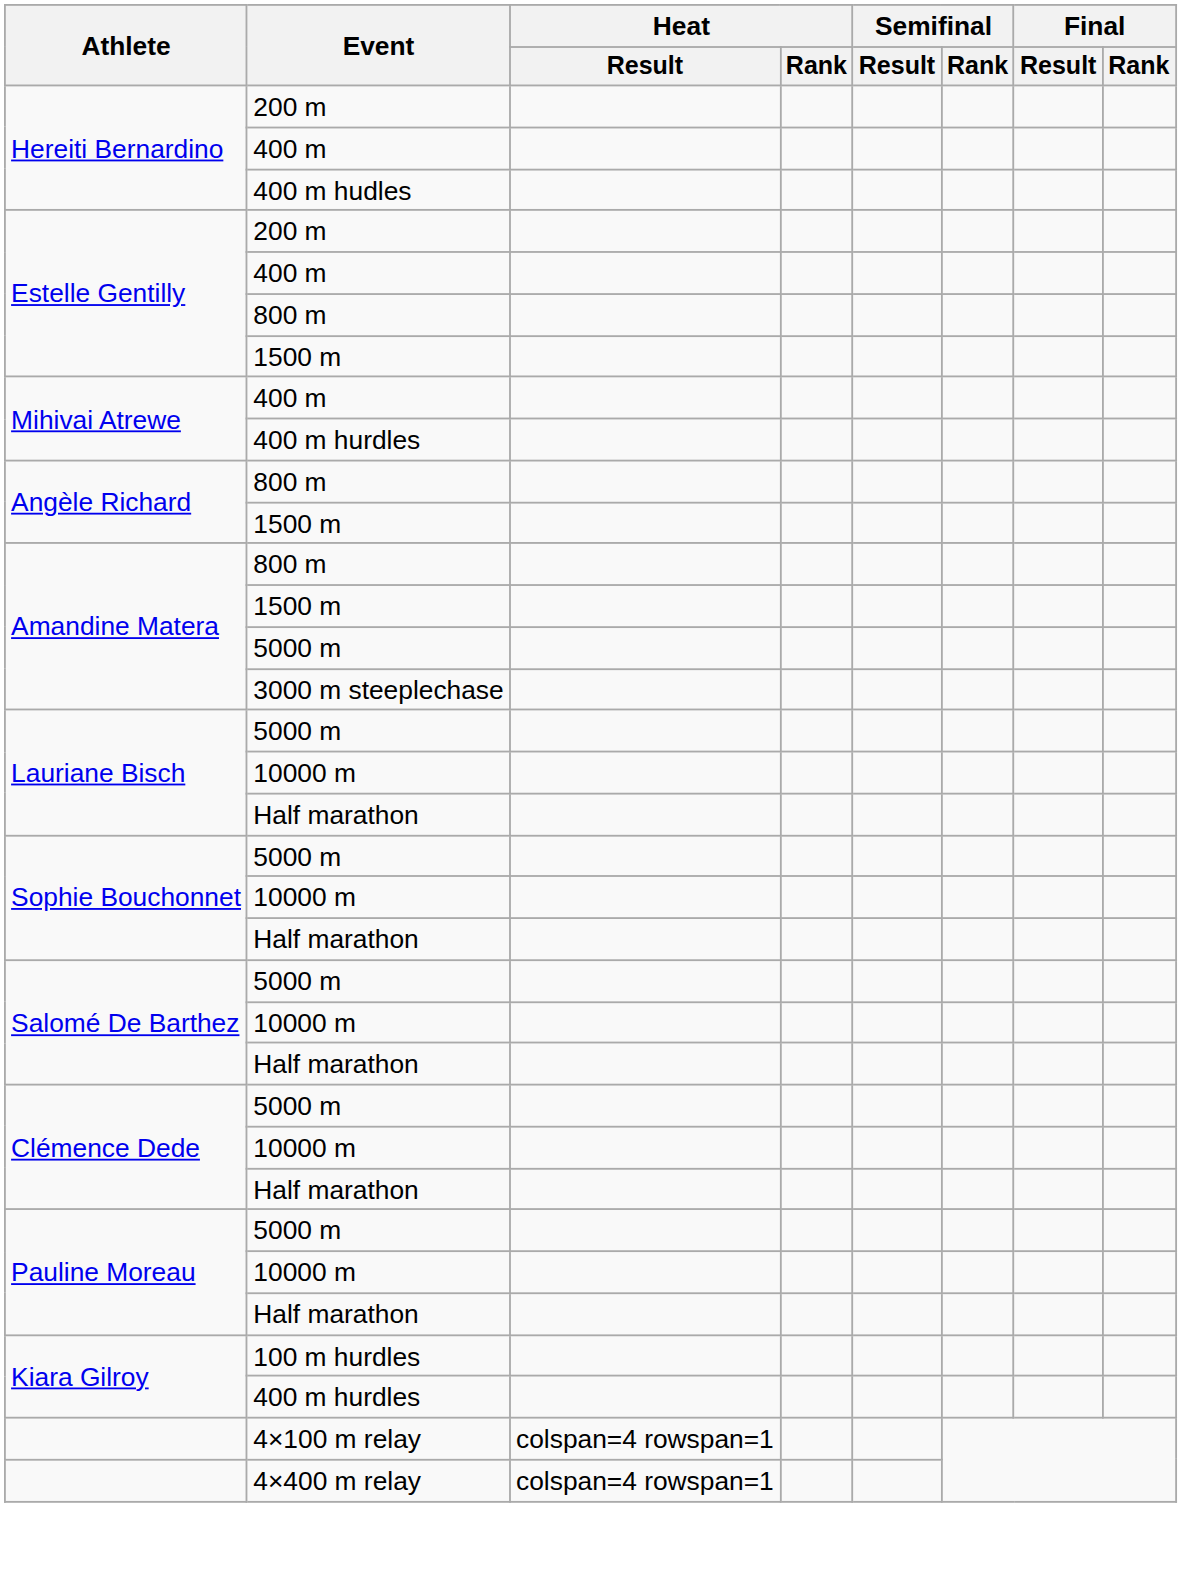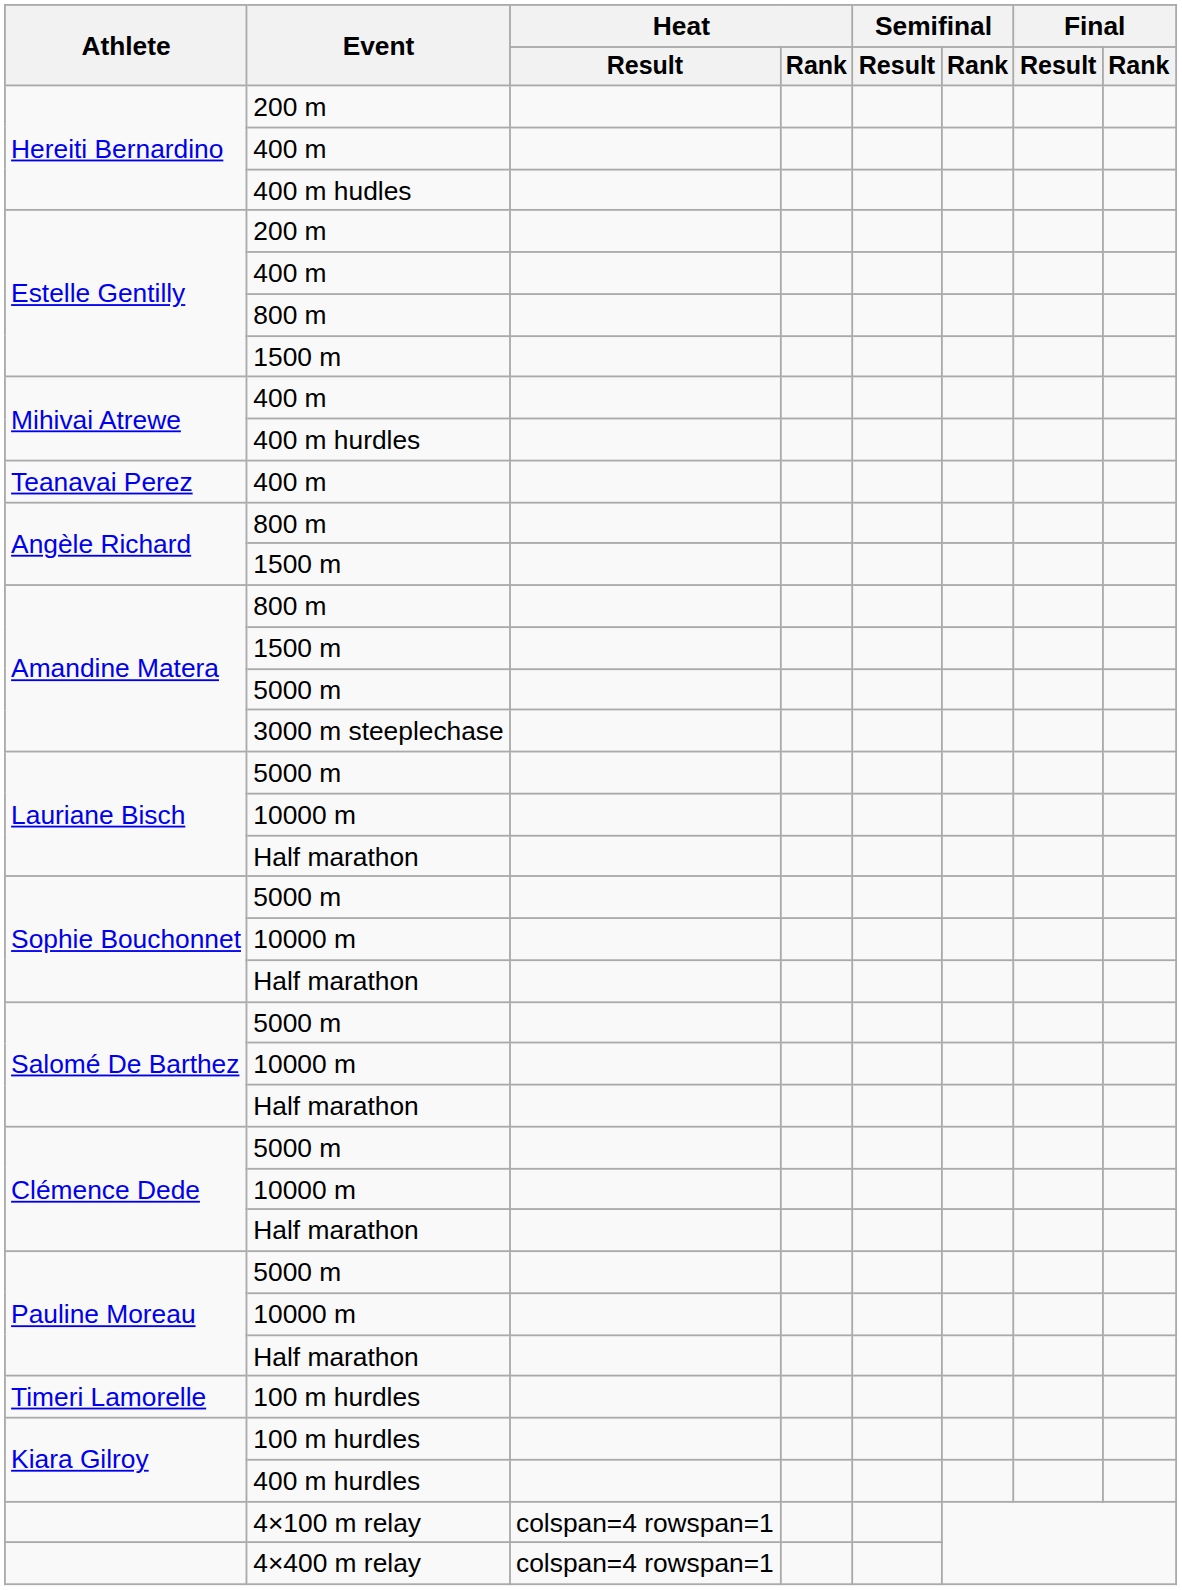 <table class="wikitable" style="font-size:90%">
 <tr>
 <th rowspan="2">Athlete</th>
 <th rowspan="2">Event</th>
 <th colspan="2">Heat</th>
 <th colspan="2">Semifinal</th>
 <th colspan="2">Final</th>
 </tr>
 <tr style="font-size:95%">
 <th>Result</th>
 <th>Rank</th>
 <th>Result</th>
 <th>Rank</th>
 <th>Result</th>
 <th>Rank</th>
 </tr>
 <tr style=text-align:center>
 <td style=text-align:left rowspan=3><a href='#'>Hereiti Bernardino</a></td>
 <td style=text-align:left>200 m</td>
 <td></td>
 <td></td>
 <td></td>
 <td></td>
 <td></td>
 <td></td>
 </tr>
 <tr style=text-align:center>
 <td style=text-align:left>400 m</td>
 <td></td>
 <td></td>
 <td></td>
 <td></td>
 <td></td>
 <td></td>
 </tr>
 <tr style=text-align:center>
 <td style=text-align:left>400 m hudles</td>
 <td></td>
 <td></td>
 <td></td>
 <td></td>
 <td></td>
 <td></td>
 </tr>
 <tr style=text-align:center>
 <td style=text-align:left rowspan=4><a href='#'>Estelle Gentilly</a></td>
 <td style=text-align:left>200 m</td>
 <td></td>
 <td></td>
 <td></td>
 <td></td>
 <td></td>
 <td></td>
 </tr>
 <tr style=text-align:center>
 <td style=text-align:left>400 m</td>
 <td></td>
 <td></td>
 <td></td>
 <td></td>
 <td></td>
 <td></td>
 </tr>
 <tr style=text-align:center>
 <td style=text-align:left>800 m</td>
 <td></td>
 <td></td>
 <td></td>
 <td></td>
 <td></td>
 <td></td>
 </tr>
 <tr style=text-align:center>
 <td style=text-align:left>1500 m</td>
 <td></td>
 <td></td>
 <td></td>
 <td></td>
 <td></td>
 <td></td>
 </tr>
 <tr style=text-align:center>
 <td style=text-align:left rowspan=2><a href='#'>Mihivai Atrewe</a></td>
 <td style=text-align:left>400 m</td>
 <td></td>
 <td></td>
 <td></td>
 <td></td>
 <td></td>
 <td></td>
 </tr>
 <tr style=text-align:center>
 <td style=text-align:left>400 m hurdles</td>
+<td></td>
+<td></td>
+<td></td>
+<td></td>
+<td></td>
+<td></td>
+</tr>
+<tr style=text-align:center>
+<td style=text-align:left><a href='#'>Teanavai Perez</a></td>
+<td style=text-align:left>400 m</td>
 <td></td>
 <td></td>
 <td></td>
 <td></td>
 <td></td>
 <td></td>
 </tr>
 <tr style=text-align:center>
 <td style=text-align:left rowspan=2><a href='#'>Angèle Richard</a></td>
 <td style=text-align:left>800 m</td>
 <td></td>
 <td></td>
 <td></td>
 <td></td>
 <td></td>
 <td></td>
 </tr>
 <tr style=text-align:center>
 <td style=text-align:left>1500 m</td>
 <td></td>
 <td></td>
 <td></td>
 <td></td>
 <td></td>
 <td></td>
 </tr>
 <tr style=text-align:center>
 <td style=text-align:left rowspan=4><a href='#'>Amandine Matera</a></td>
 <td style=text-align:left>800 m</td>
 <td></td>
 <td></td>
 <td></td>
 <td></td>
 <td></td>
 <td></td>
 </tr>
 <tr style=text-align:center>
 <td style=text-align:left>1500 m</td>
 <td></td>
 <td></td>
 <td></td>
 <td></td>
 <td></td>
 <td></td>
 </tr>
 <tr style=text-align:center>
 <td style=text-align:left>5000 m</td>
 <td></td>
 <td></td>
 <td></td>
 <td></td>
 <td></td>
 <td></td>
 </tr>
 <tr style=text-align:center>
 <td style=text-align:left>3000 m steeplechase</td>
 <td></td>
 <td></td>
 <td></td>
 <td></td>
 <td></td>
 <td></td>
 </tr>
 <tr style=text-align:center>
 <td style=text-align:left rowspan=3><a href='#'>Lauriane Bisch</a></td>
 <td style=text-align:left>5000 m</td>
 <td></td>
 <td></td>
 <td></td>
 <td></td>
 <td></td>
 <td></td>
 </tr>
 <tr style=text-align:center>
 <td style=text-align:left>10000 m</td>
 <td></td>
 <td></td>
 <td></td>
 <td></td>
 <td></td>
 <td></td>
 </tr>
 <tr style=text-align:center>
 <td style=text-align:left>Half marathon</td>
 <td></td>
 <td></td>
 <td></td>
 <td></td>
 <td></td>
 <td></td>
 </tr>
 <tr style=text-align:center>
 <td style=text-align:left rowspan=3><a href='#'>Sophie Bouchonnet</a></td>
 <td style=text-align:left>5000 m</td>
 <td></td>
 <td></td>
 <td></td>
 <td></td>
 <td></td>
 <td></td>
 </tr>
 <tr style=text-align:center>
 <td style=text-align:left>10000 m</td>
 <td></td>
 <td></td>
 <td></td>
 <td></td>
 <td></td>
 <td></td>
 </tr>
 <tr style=text-align:center>
 <td style=text-align:left>Half marathon</td>
 <td></td>
 <td></td>
 <td></td>
 <td></td>
 <td></td>
 <td></td>
 </tr>
 <tr style=text-align:center>
 <td style=text-align:left rowspan=3><a href='#'>Salomé De Barthez</a></td>
 <td style=text-align:left>5000 m</td>
 <td></td>
 <td></td>
 <td></td>
 <td></td>
 <td></td>
 <td></td>
 </tr>
 <tr style=text-align:center>
 <td style=text-align:left>10000 m</td>
 <td></td>
 <td></td>
 <td></td>
 <td></td>
 <td></td>
 <td></td>
 </tr>
 <tr style=text-align:center>
 <td style=text-align:left>Half marathon</td>
 <td></td>
 <td></td>
 <td></td>
 <td></td>
 <td></td>
 <td></td>
 </tr>
 <tr style=text-align:center>
 <td style=text-align:left rowspan=3><a href='#'>Clémence Dede</a></td>
 <td style=text-align:left>5000 m</td>
 <td></td>
 <td></td>
 <td></td>
 <td></td>
 <td></td>
 <td></td>
 </tr>
 <tr style=text-align:center>
 <td style=text-align:left>10000 m</td>
 <td></td>
 <td></td>
 <td></td>
 <td></td>
 <td></td>
 <td></td>
 </tr>
 <tr style=text-align:center>
 <td style=text-align:left>Half marathon</td>
 <td></td>
 <td></td>
 <td></td>
 <td></td>
 <td></td>
 <td></td>
 </tr>
 <tr style=text-align:center>
 <td style=text-align:left rowspan=3><a href='#'>Pauline Moreau</a></td>
 <td style=text-align:left>5000 m</td>
 <td></td>
 <td></td>
 <td></td>
 <td></td>
 <td></td>
 <td></td>
 </tr>
 <tr style=text-align:center>
 <td style=text-align:left>10000 m</td>
 <td></td>
 <td></td>
 <td></td>
 <td></td>
 <td></td>
 <td></td>
 </tr>
 <tr style=text-align:center>
 <td style=text-align:left>Half marathon</td>
 <td></td>
 <td></td>
 <td></td>
 <td></td>
 <td></td>
 <td></td>
 </tr>
 <tr style=text-align:center>
+<td style=text-align:left><a href='#'>Timeri Lamorelle</a></td>
+<td style=text-align:left>100 m hurdles</td>
+<td></td>
+<td></td>
+<td></td>
+<td></td>
+<td></td>
+<td></td>
+</tr>
+<tr style=text-align:center>
 <td style=text-align:left rowspan=2><a href='#'>Kiara Gilroy</a></td>
 <td style=text-align:left>100 m hurdles</td>
 <td></td>
 <td></td>
 <td></td>
 <td></td>
 <td></td>
 <td></td>
 </tr>
 <tr style=text-align:center>
 <td style=text-align:left>400 m hurdles</td>
 <td></td>
 <td></td>
 <td></td>
 <td></td>
 <td></td>
 <td></td>
 </tr>
 <tr style=text-align:center>
 <td style=text-align:left></td>
 <td style=text-align:left rowspan=1>4×100 m relay</td>
 <td>colspan=4 rowspan=1 </td>
 <td></td>
 <td></td>
 </tr>
 <tr style=text-align:center>
 <td style=text-align:left></td>
 <td style=text-align:left rowspan=1>4×400 m relay</td>
 <td>colspan=4 rowspan=1 </td>
 <td></td>
 <td></td>
 </tr>
 </table>
